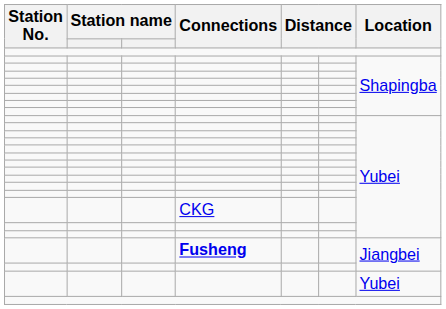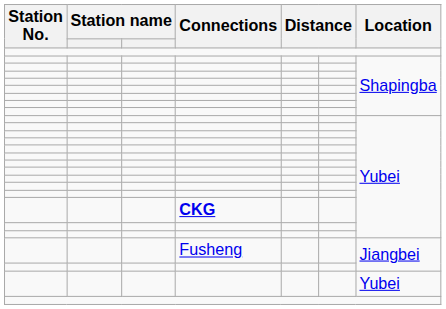 <table class="wikitable">
 <tr>
 <th rowspan="2">Station<br>No.</th>
 <th colspan="2">Station name</th>
 <th rowspan="2">Connections</th>
 <th colspan="2" rowspan="2">Distance<br></th>
 <th rowspan="2">Location</th>
 </tr>
 <tr>
 <th></th>
 <th></th>
 </tr>
 <tr style="background:#">
 <td colspan = "10"></td>
 </tr>
 <tr>
 <td></td>
 <td><em></em></td>
 <td></td>
 <td></td>
 <td></td>
 <td></td>
 <td rowspan="8"><a href='#'>Shapingba</a></td>
 </tr>
 <tr>
 <td></td>
 <td><em></em></td>
 <td></td>
 <td> </td>
 <td></td>
 <td></td>
 </tr>
 <tr>
 <td></td>
 <td><em></em></td>
 <td></td>
 <td> </td>
 <td></td>
 <td></td>
 </tr>
 <tr>
 <td></td>
 <td><em></em></td>
 <td></td>
 <td></td>
 <td></td>
 <td></td>
 </tr>
 <tr>
 <td></td>
 <td><em></em></td>
 <td></td>
 <td></td>
 <td></td>
 <td></td>
 </tr>
 <tr>
 <td></td>
 <td><em></em></td>
 <td></td>
 <td></td>
 <td></td>
 <td></td>
 </tr>
 <tr>
 <td></td>
 <td><em></em></td>
 <td></td>
 <td> </td>
 <td></td>
 <td></td>
 </tr>
 <tr>
 <td></td>
 <td><em></em></td>
 <td></td>
 <td></td>
 <td></td>
 <td></td>
 </tr>
 <tr>
 <td></td>
 <td><em></em></td>
 <td></td>
 <td></td>
 <td></td>
 <td></td>
 <td rowspan="14"><a href='#'>Yubei</a></td>
 </tr>
 <tr>
 <td></td>
 <td><em></em></td>
 <td></td>
 <td></td>
 <td></td>
 <td></td>
 </tr>
 <tr>
 <td></td>
 <td><em></em></td>
 <td></td>
 <td></td>
 <td></td>
 <td></td>
 </tr>
 <tr>
 <td></td>
 <td><em></em></td>
 <td></td>
 <td></td>
 <td></td>
 <td></td>
 </tr>
 <tr>
 <td></td>
 <td><em></em></td>
 <td></td>
 <td></td>
 <td></td>
 <td></td>
 </tr>
 <tr>
 <td></td>
 <td><em></em></td>
 <td></td>
 <td></td>
 <td></td>
 <td></td>
 </tr>
 <tr>
 <td></td>
 <td><em></em></td>
 <td></td>
 <td></td>
 <td></td>
 <td></td>
 </tr>
 <tr>
 <td></td>
 <td><em></em></td>
 <td></td>
 <td></td>
 <td></td>
 <td></td>
 </tr>
 <tr>
 <td></td>
 <td><em></em></td>
 <td></td>
 <td></td>
 <td></td>
 <td></td>
 </tr>
 <tr>
 <td></td>
 <td><em></em></td>
 <td></td>
 <td></td>
 <td></td>
 <td></td>
 </tr>
 <tr>
 <td></td>
 <td><em></em></td>
 <td></td>
 <td></td>
 <td></td>
 <td></td>
 </tr>
 <tr>
 <td></td>
 <td><em></em></td>
 <td></td>
-<td>  <a href='#'>CKG</a></td>
+<td><strong>  <a href='#'>CKG</a></strong></td>
 <td></td>
 <td></td>
 </tr>
 <tr>
 <td></td>
 <td><em></em></td>
 <td></td>
 <td></td>
 <td></td>
 <td></td>
 </tr>
 <tr>
 <td></td>
 <td><em></em></td>
 <td></td>
 <td></td>
 <td></td>
 <td></td>
 </tr>
 <tr>
 <td></td>
 <td><em></em></td>
 <td></td>
-<td><strong>  <a href='#'>Fusheng</a></strong></td>
+<td>  <a href='#'>Fusheng</a></td>
 <td></td>
 <td></td>
 <td rowspan="2"><a href='#'>Jiangbei</a></td>
 </tr>
 <tr>
 <td></td>
 <td><em></em></td>
 <td></td>
 <td></td>
 <td></td>
 <td></td>
 </tr>
 <tr>
 <td></td>
 <td><em></em></td>
 <td></td>
 <td></td>
 <td></td>
 <td></td>
 <td><a href='#'>Yubei</a></td>
 </tr>
 <tr style="background:#">
 <td colspan = "10"></td>
 </tr>
 </table>
